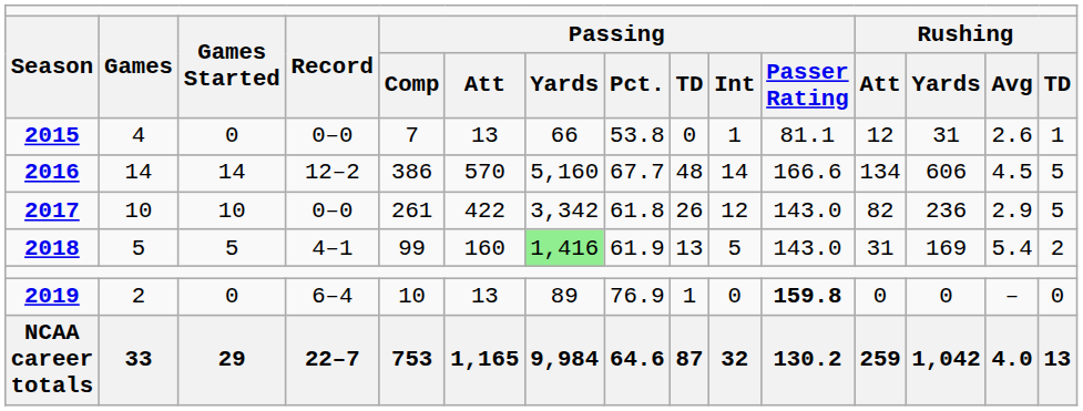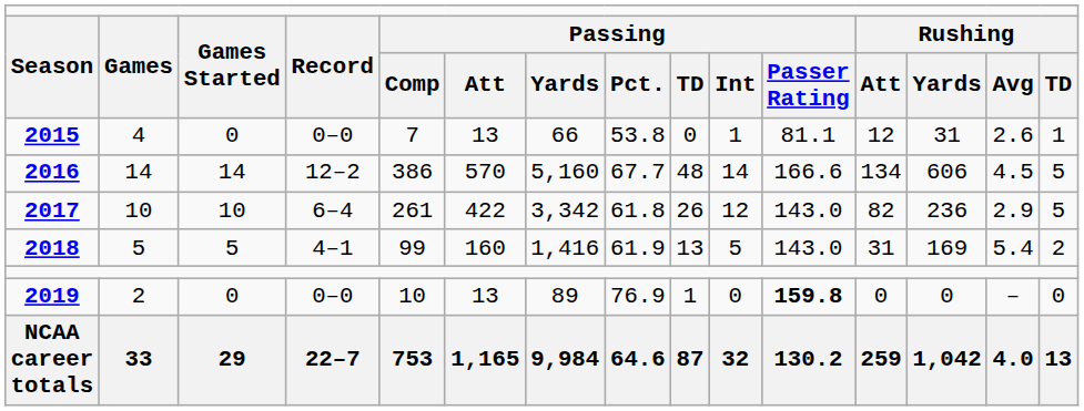 <table class="wikitable" float="left" border="1" style="text-align:center; width:50%;">
 <tr>
 <td ! colspan=15></td>
 </tr>
 <tr>
 <th rowspan=2>Season</th>
 <th rowspan=2>Games</th>
 <th rowspan=2>Games<br>Started</th>
 <th rowspan=2>Record</th>
 <th colspan=7>Passing</th>
 <th colspan=4>Rushing</th>
 </tr>
 <tr>
 <th>Comp</th>
 <th>Att</th>
 <th>Yards</th>
 <th>Pct.</th>
 <th>TD</th>
 <th>Int</th>
 <th><a href='#'>Passer Rating</a></th>
 <th>Att</th>
 <th>Yards</th>
 <th>Avg</th>
 <th>TD</th>
 </tr>
 <tr>
 <td><strong><a href='#'>2015</a></strong></td>
 <td>4</td>
 <td>0</td>
 <td>0–0</td>
 <td>7</td>
 <td>13</td>
 <td>66</td>
 <td>53.8</td>
 <td>0</td>
 <td>1</td>
 <td>81.1</td>
 <td>12</td>
 <td>31</td>
 <td>2.6</td>
 <td>1</td>
 </tr>
 <tr>
 <td><strong><a href='#'>2016</a></strong></td>
 <td>14</td>
 <td>14</td>
 <td>12–2</td>
 <td>386</td>
 <td>570</td>
 <td>5,160</td>
 <td>67.7</td>
 <td>48</td>
 <td>14</td>
 <td>166.6</td>
 <td>134</td>
 <td>606</td>
 <td>4.5</td>
 <td>5</td>
 </tr>
 <tr>
 <td><strong><a href='#'>2017</a></strong></td>
 <td>10</td>
 <td>10</td>
-<td>0–0</td>
+<td>6–4</td>
 <td>261</td>
 <td>422</td>
 <td>3,342</td>
 <td>61.8</td>
 <td>26</td>
 <td>12</td>
 <td>143.0</td>
 <td>82</td>
 <td>236</td>
 <td>2.9</td>
 <td>5</td>
 </tr>
 <tr>
 <td><strong><a href='#'>2018</a></strong></td>
 <td>5</td>
 <td>5</td>
 <td>4–1</td>
 <td>99</td>
 <td>160</td>
-<td style="background: lightgreen;">1,416</td>
+<td>1,416</td>
 <td>61.9</td>
 <td>13</td>
 <td>5</td>
 <td>143.0</td>
 <td>31</td>
 <td>169</td>
 <td>5.4</td>
 <td>2</td>
 </tr>
 <tr>
 <td ! colspan=15></td>
 </tr>
 <tr>
 <td><strong><a href='#'>2019</a></strong></td>
 <td>2</td>
 <td>0</td>
-<td>6–4</td>
+<td>0–0</td>
 <td>10</td>
 <td>13</td>
 <td>89</td>
 <td>76.9</td>
 <td>1</td>
 <td>0</td>
 <td><strong>159.8</strong></td>
 <td>0</td>
 <td>0</td>
 <td>–</td>
 <td>0</td>
 </tr>
 <tr>
 <th>NCAA career totals</th>
 <th>33</th>
 <th>29</th>
 <th>22–7</th>
 <th>753</th>
 <th>1,165</th>
 <th>9,984</th>
 <th>64.6</th>
 <th>87</th>
 <th>32</th>
 <th>130.2</th>
 <th>259</th>
 <th>1,042</th>
 <th>4.0</th>
 <th>13</th>
 </tr>
 </table>
